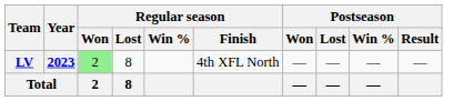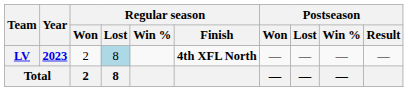 <table class="wikitable" style="font-size: 95%; text-align:center;">
 <tr>
 <th rowspan="2">Team</th>
 <th rowspan="2">Year</th>
 <th colspan="4">Regular season</th>
 <th colspan="4">Postseason</th>
 </tr>
 <tr>
 <th>Won</th>
 <th>Lost</th>
 <th>Win %</th>
 <th>Finish</th>
 <th>Won</th>
 <th>Lost</th>
 <th>Win %</th>
 <th>Result</th>
 </tr>
 <tr>
 <th><a href='#'>LV</a></th>
 <th><a href='#'>2023</a></th>
-<td style="background: lightgreen;">2</td>
-<td>8</td>
+<td>2</td>
+<td style="background: lightblue;">8</td>
 <td></td>
-<td>4th XFL North</td>
+<td><strong>4th XFL North</strong></td>
 <td>—</td>
 <td>—</td>
 <td>—</td>
 <td>—</td>
 </tr>
 <tr>
 <th colspan="2">Total</th>
 <th>2</th>
 <th>8</th>
 <th></th>
 <th></th>
 <th>—</th>
 <th>—</th>
 <th>—</th>
 <th></th>
 </tr>
 </table>
